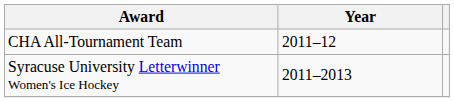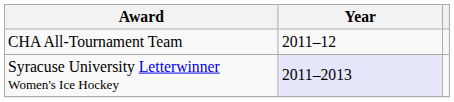 <table class="wikitable">
 <tr>
 <th scope="col" style="width:17em">Award</th>
 <th scope="col" style="width:10em">Year</th>
 <th></th>
 </tr>
 <tr>
 <td>CHA All-Tournament Team</td>
 <td>2011–12</td>
 <td></td>
 </tr>
 <tr>
 <td>Syracuse University <a href='#'>Letterwinner</a><br><small>Women's Ice Hockey</small></td>
-<td>2011–2013</td>
+<td style="background: lavender;">2011–2013</td>
 <td></td>
 </tr>
 <tr>
 </tr>
 </table>
